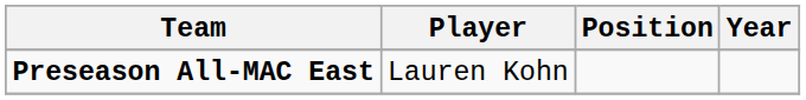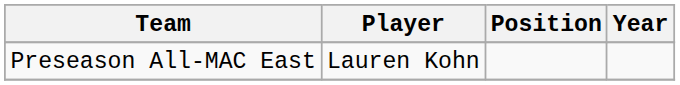 <table class="wikitable" border="1">
 <tr align=center>
 <th style= >Team</th>
 <th style= >Player</th>
 <th style= >Position</th>
 <th style= >Year</th>
 </tr>
 <tr align="center">
 </tr>
 <tr>
-<td><strong>Preseason All-MAC East</strong></td>
+<td>Preseason All-MAC East</td>
 <td>Lauren Kohn</td>
 <td></td>
 <td></td>
 </tr>
 <tr>
 </tr>
 </table>
